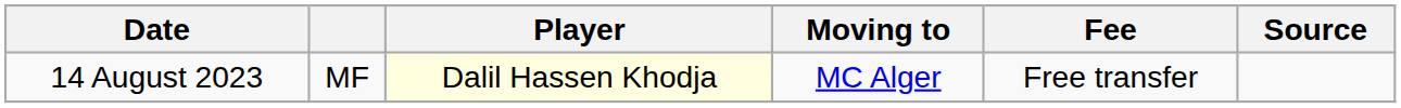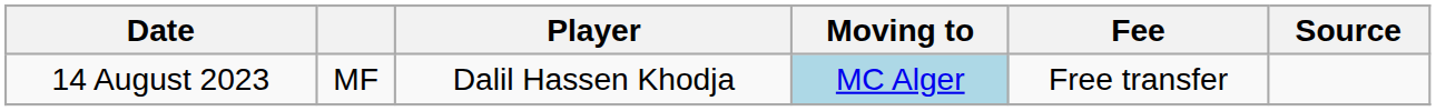 <table class="wikitable sortable" style="width:70%; text-align:center; font-size:85%; text-align:centre;">
 <tr>
 <th>Date</th>
 <th></th>
 <th>Player</th>
 <th>Moving to</th>
 <th>Fee</th>
 <th>Source</th>
 </tr>
 <tr>
 <td>14 August 2023</td>
 <td>MF</td>
-<td style="background: lightyellow;"> Dalil Hassen Khodja</td>
-<td><a href='#'>MC Alger</a></td>
+<td> Dalil Hassen Khodja</td>
+<td style="background: lightblue;"><a href='#'>MC Alger</a></td>
 <td>Free transfer</td>
 <td></td>
 </tr>
 <tr>
 </tr>
 </table>
